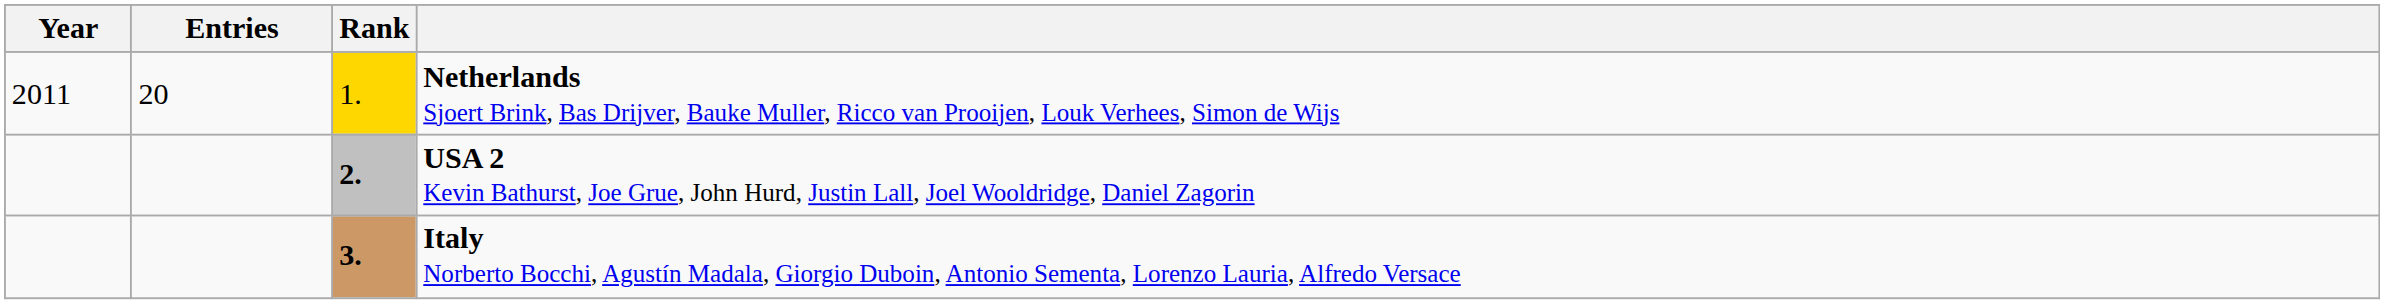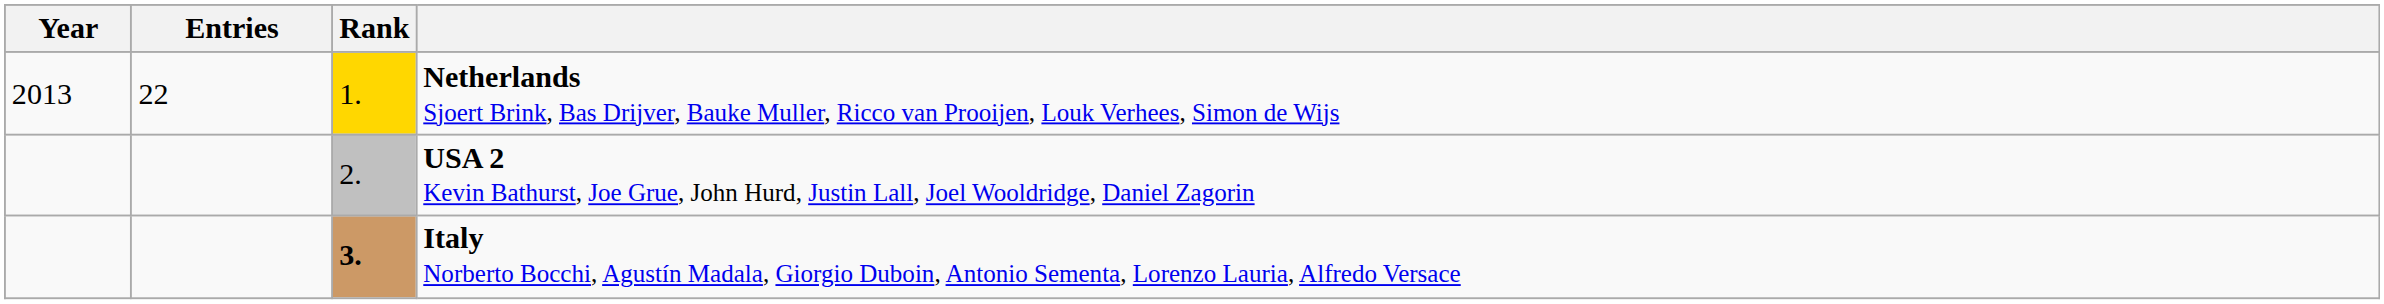 <table class="wikitable" style="width:100%;">
 <tr>
 <th>Year</th>
 <th>Entries</th>
 <th>Rank</th>
 <th></th>
 </tr>
 <tr>
-<td width=60>2011</td>
-<td>20</td>
+<td width=60>2013</td>
+<td>22</td>
 <td style="background:gold; width:30px;">1.</td>
 <td> <strong>Netherlands</strong> <br><small><a href='#'>Sjoert Brink</a>, <a href='#'>Bas Drijver</a>, <a href='#'>Bauke Muller</a>, <a href='#'>Ricco van Prooijen</a>, <a href='#'>Louk Verhees</a>, <a href='#'>Simon de Wijs</a></small></td>
 </tr>
 <tr>
 <td></td>
 <td></td>
-<td style="background:silver;"><strong>2.</strong></td>
+<td style="background:silver;">2.</td>
 <td> <strong>USA 2</strong> <br><small><a href='#'>Kevin Bathurst</a>, <a href='#'>Joe Grue</a>, John Hurd, <a href='#'>Justin Lall</a>, <a href='#'>Joel Wooldridge</a>, <a href='#'>Daniel Zagorin</a></small></td>
 </tr>
 <tr>
 <td></td>
 <td></td>
 <td style="background:#c96;"><strong>3.</strong></td>
 <td> <strong>Italy</strong> <br><small><a href='#'>Norberto Bocchi</a>, <a href='#'>Agustín Madala</a>, <a href='#'>Giorgio Duboin</a>, <a href='#'>Antonio Sementa</a>, <a href='#'>Lorenzo Lauria</a>, <a href='#'>Alfredo Versace</a></small></td>
 </tr>
 </table>
